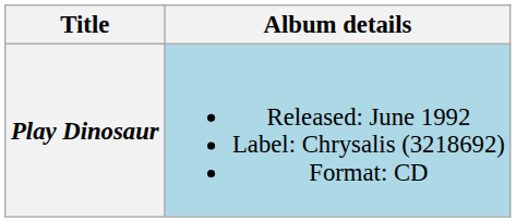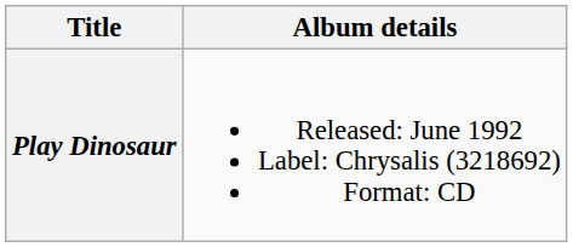 <table class="wikitable plainrowheaders" style="text-align:center;" border="1">
 <tr>
 <th>Title</th>
 <th>Album details</th>
 </tr>
 <tr>
 <th scope="row"><em>Play Dinosaur</em></th>
-<td style="background: lightblue;"><br><ul><li>Released: June 1992</li><li>Label: Chrysalis (3218692)</li><li>Format: CD</li></ul></td>
+<td><br><ul><li>Released: June 1992</li><li>Label: Chrysalis (3218692)</li><li>Format: CD</li></ul></td>
 </tr>
 </table>
